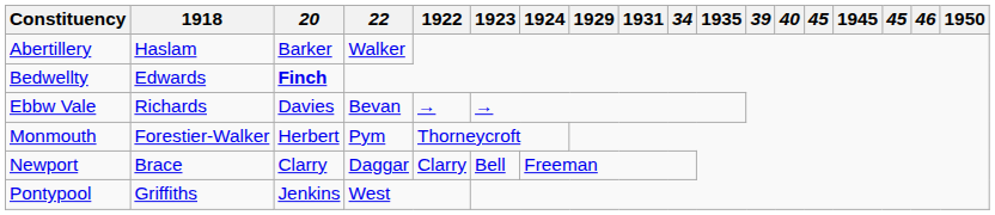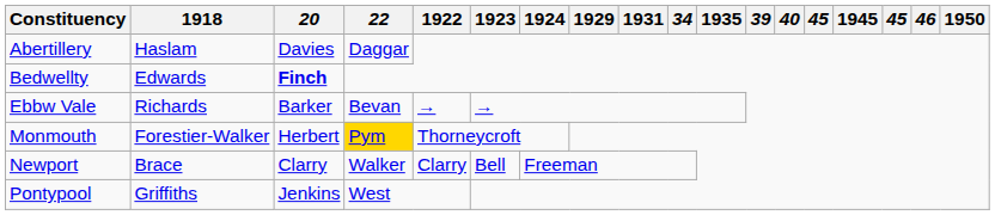 <table class="wikitable">
 <tr>
 <th>Constituency</th>
 <th>1918</th>
 <th><em>20</em></th>
 <th><em>22</em></th>
 <th>1922</th>
 <th>1923</th>
 <th>1924</th>
 <th>1929</th>
 <th>1931</th>
 <th><em>34</em></th>
 <th>1935</th>
 <th><em>39</em></th>
 <th><em>40</em></th>
 <th><em>45</em></th>
 <th>1945</th>
 <th><em>45</em></th>
 <th><em>46</em></th>
 <th>1950</th>
 </tr>
 <tr>
 <td><a href='#'>Abertillery</a></td>
 <td><a href='#'>Haslam</a></td>
-<td><a href='#'>Barker</a></td>
-<td><a href='#'>Walker</a></td>
+<td><a href='#'>Davies</a></td>
+<td><a href='#'>Daggar</a></td>
 </tr>
 <tr>
 <td><a href='#'>Bedwellty</a></td>
 <td><a href='#'>Edwards</a></td>
 <td><strong><a href='#'>Finch</a></strong></td>
 </tr>
 <tr>
 <td><a href='#'>Ebbw Vale</a></td>
 <td><a href='#'>Richards</a></td>
-<td><a href='#'>Davies</a></td>
+<td><a href='#'>Barker</a></td>
 <td><a href='#'>Bevan</a></td>
 <td><a href='#'>→</a></td>
 <td colspan="6"><a href='#'>→</a></td>
 </tr>
 <tr>
 <td><a href='#'>Monmouth</a></td>
 <td><a href='#'>Forestier-Walker</a></td>
 <td><a href='#'>Herbert</a></td>
-<td><a href='#'>Pym</a></td>
+<td style="background: gold;"><a href='#'>Pym</a></td>
 <td colspan="3"><a href='#'>Thorneycroft</a></td>
 </tr>
 <tr>
 <td><a href='#'>Newport</a></td>
 <td><a href='#'>Brace</a></td>
 <td><a href='#'>Clarry</a></td>
-<td><a href='#'>Daggar</a></td>
+<td><a href='#'>Walker</a></td>
 <td><a href='#'>Clarry</a></td>
 <td><a href='#'>Bell</a></td>
 <td colspan="4"><a href='#'>Freeman</a></td>
 </tr>
 <tr>
 <td><a href='#'>Pontypool</a></td>
 <td><a href='#'>Griffiths</a></td>
 <td><a href='#'>Jenkins</a></td>
 <td colspan="2"><a href='#'>West</a></td>
 </tr>
 </table>
